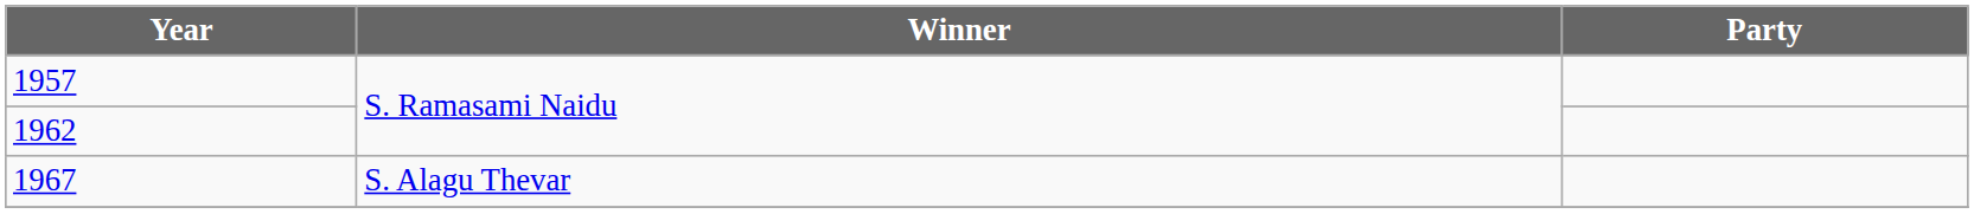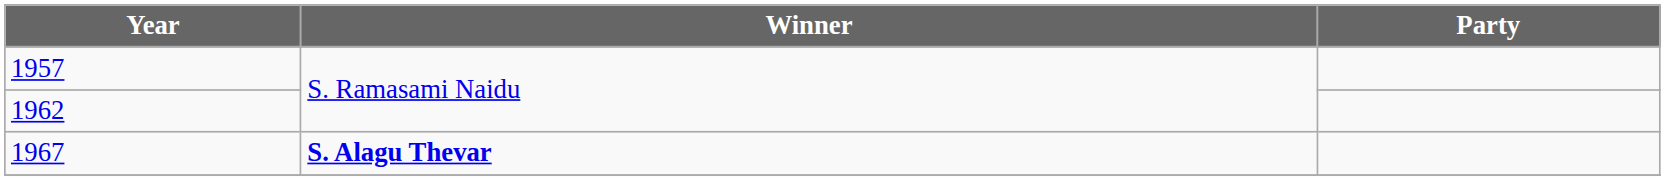 <table class="wikitable" width="50%">
 <tr>
 <th style="background-color:#666666; color:white">Year</th>
 <th style="background-color:#666666; color:white">Winner</th>
 <th style="background-color:#666666; color:white" colspan="2">Party</th>
 </tr>
 <tr>
 <td><a href='#'>1957</a></td>
 <td rowspan=2><a href='#'>S. Ramasami Naidu</a></td>
 <td></td>
 </tr>
 <tr>
 <td><a href='#'>1962</a></td>
 </tr>
 <tr>
 <td><a href='#'>1967</a></td>
-<td><a href='#'>S. Alagu Thevar</a></td>
+<td><strong><a href='#'>S. Alagu Thevar</a></strong></td>
 <td></td>
 </tr>
 <tr>
 </tr>
 </table>
